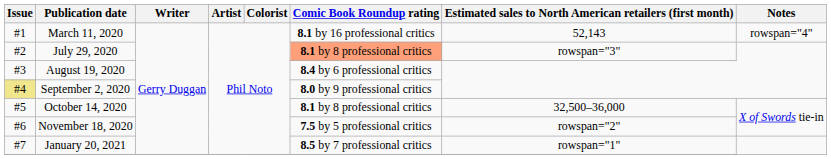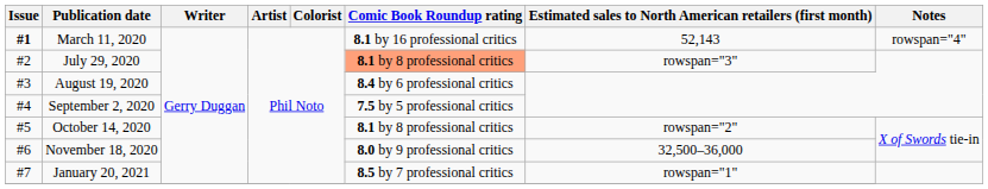 <table class="wikitable plainrowheaders" style="text-align:center;">
 <tr>
 <th scope="col"><strong>Issue</strong></th>
 <th scope="col"><strong>Publication date</strong></th>
 <th scope="col"><strong>Writer</strong></th>
 <th scope="col"><strong>Artist</strong></th>
 <th scope="col"><strong>Colorist</strong></th>
 <th scope="col"><strong><a href='#'>Comic Book Roundup</a> rating</strong></th>
 <th scope="col"><strong>Estimated sales to North American retailers (first month)</strong></th>
 <th scope="col"><strong>Notes</strong></th>
 </tr>
 <tr>
-<td>#1</td>
+<td><strong>#1</strong></td>
 <td>March 11, 2020</td>
 <td rowspan="7"><a href='#'>Gerry Duggan</a></td>
 <td colspan="2" rowspan="7"><a href='#'>Phil Noto</a></td>
 <td><strong>8.1</strong> by 16 professional critics</td>
 <td>52,143</td>
 <td>rowspan="4" </td>
 </tr>
 <tr>
 <td>#2</td>
 <td>July 29, 2020</td>
 <td style="background: lightsalmon;"><strong>8.1</strong> by 8 professional critics</td>
 <td>rowspan="3" </td>
 </tr>
 <tr>
 <td>#3</td>
 <td>August 19, 2020</td>
 <td><strong>8.4</strong> by 6 professional critics</td>
 </tr>
 <tr>
-<td style="background: khaki;">#4</td>
+<td>#4</td>
 <td>September 2, 2020</td>
-<td><strong>8.0</strong> by 9 professional critics</td>
+<td><strong>7.5</strong> by 5 professional critics</td>
 </tr>
 <tr>
 <td>#5</td>
 <td>October 14, 2020</td>
 <td><strong>8.1</strong> by 8 professional critics</td>
-<td>32,500–36,000</td>
+<td>rowspan="2" </td>
 <td rowspan="2"><em><a href='#'>X of Swords</a></em> tie-in</td>
 </tr>
 <tr>
 <td>#6</td>
 <td>November 18, 2020</td>
-<td><strong>7.5</strong> by 5 professional critics</td>
-<td>rowspan="2" </td>
+<td><strong>8.0</strong> by 9 professional critics</td>
+<td>32,500–36,000</td>
 </tr>
 <tr>
 <td>#7</td>
 <td>January 20, 2021</td>
 <td><strong>8.5</strong> by 7 professional critics</td>
 <td>rowspan="1" </td>
 </tr>
 <tr>
 </tr>
 </table>
